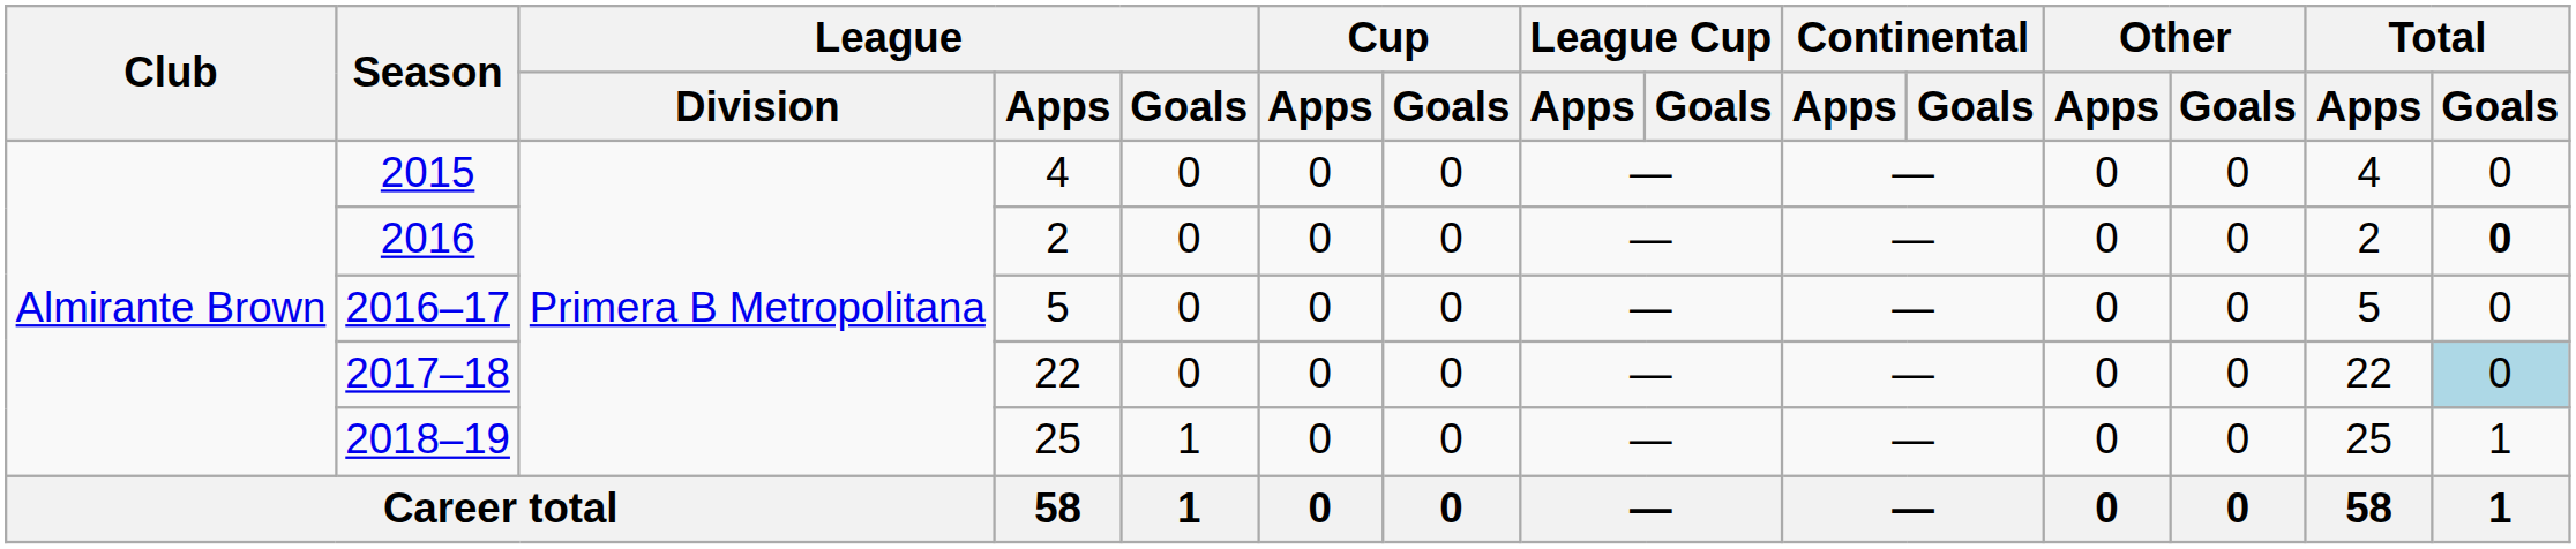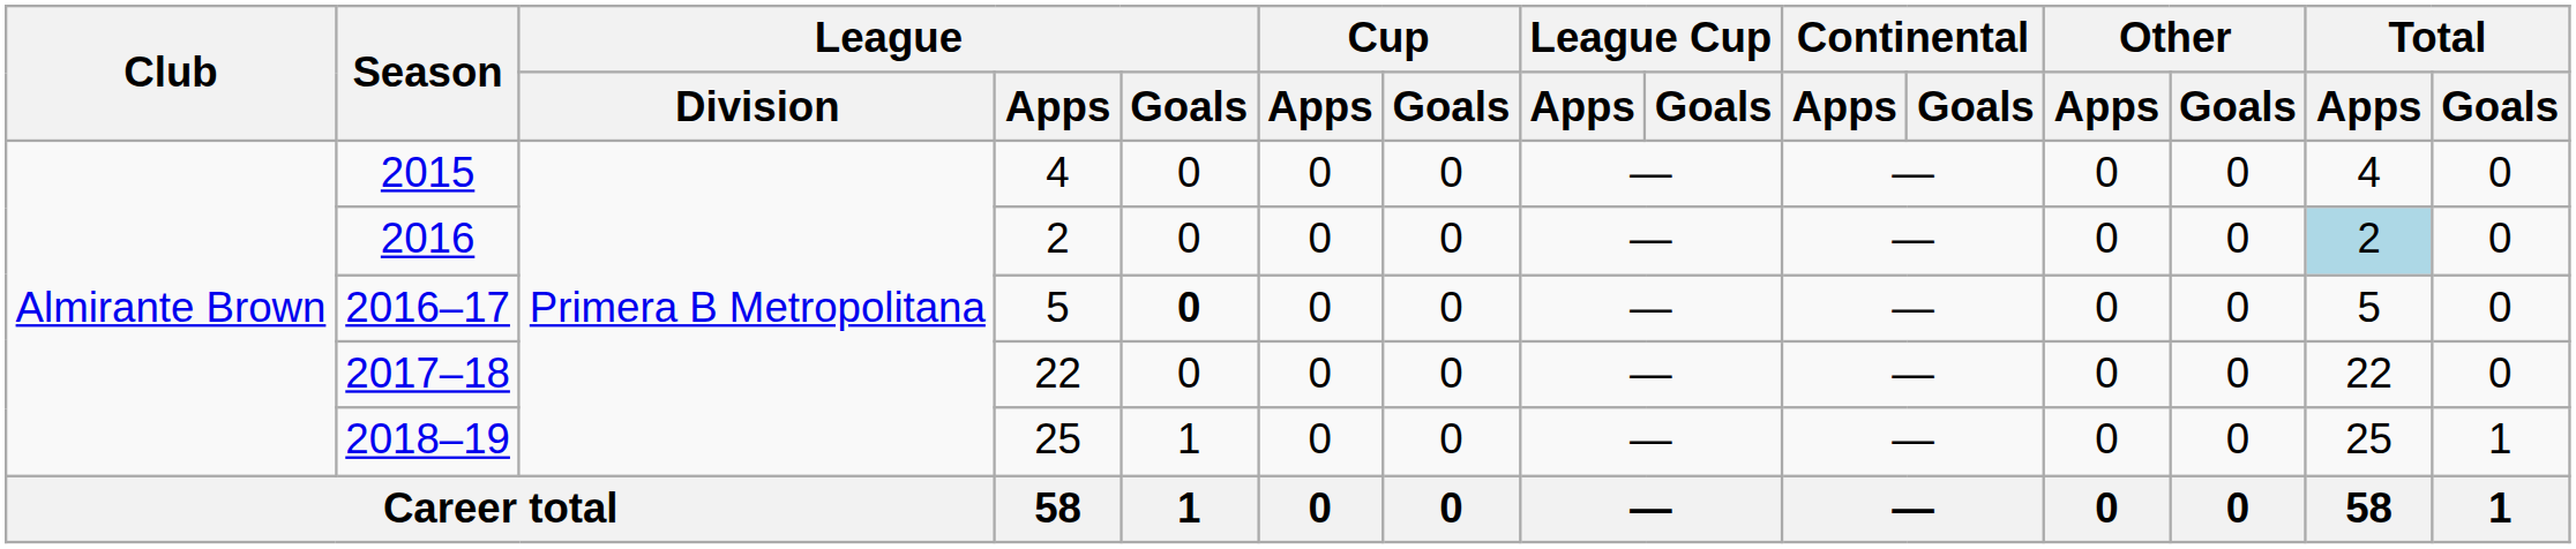 <table class="wikitable" style="text-align:center">
 <tr>
 <th rowspan="2">Club</th>
 <th rowspan="2">Season</th>
 <th colspan="3">League</th>
 <th colspan="2">Cup</th>
 <th colspan="2">League Cup</th>
 <th colspan="2">Continental</th>
 <th colspan="2">Other</th>
 <th colspan="2">Total</th>
 </tr>
 <tr>
 <th>Division</th>
 <th>Apps</th>
 <th>Goals</th>
 <th>Apps</th>
 <th>Goals</th>
 <th>Apps</th>
 <th>Goals</th>
 <th>Apps</th>
 <th>Goals</th>
 <th>Apps</th>
 <th>Goals</th>
 <th>Apps</th>
 <th>Goals</th>
 </tr>
 <tr>
 <td rowspan="5"><a href='#'>Almirante Brown</a></td>
 <td><a href='#'>2015</a></td>
 <td rowspan="5"><a href='#'>Primera B Metropolitana</a></td>
 <td>4</td>
 <td>0</td>
 <td>0</td>
 <td>0</td>
 <td colspan="2">—</td>
 <td colspan="2">—</td>
 <td>0</td>
 <td>0</td>
 <td>4</td>
 <td>0</td>
 </tr>
 <tr>
 <td><a href='#'>2016</a></td>
 <td>2</td>
 <td>0</td>
 <td>0</td>
 <td>0</td>
 <td colspan="2">—</td>
 <td colspan="2">—</td>
 <td>0</td>
 <td>0</td>
-<td>2</td>
-<td><strong>0</strong></td>
+<td style="background: lightblue;">2</td>
+<td>0</td>
 </tr>
 <tr>
 <td><a href='#'>2016–17</a></td>
 <td>5</td>
-<td>0</td>
+<td><strong>0</strong></td>
 <td>0</td>
 <td>0</td>
 <td colspan="2">—</td>
 <td colspan="2">—</td>
 <td>0</td>
 <td>0</td>
 <td>5</td>
 <td>0</td>
 </tr>
 <tr>
 <td><a href='#'>2017–18</a></td>
 <td>22</td>
 <td>0</td>
 <td>0</td>
 <td>0</td>
 <td colspan="2">—</td>
 <td colspan="2">—</td>
 <td>0</td>
 <td>0</td>
 <td>22</td>
-<td style="background: lightblue;">0</td>
+<td>0</td>
 </tr>
 <tr>
 <td><a href='#'>2018–19</a></td>
 <td>25</td>
 <td>1</td>
 <td>0</td>
 <td>0</td>
 <td colspan="2">—</td>
 <td colspan="2">—</td>
 <td>0</td>
 <td>0</td>
 <td>25</td>
 <td>1</td>
 </tr>
 <tr>
 <th colspan="3">Career total</th>
 <th>58</th>
 <th>1</th>
 <th>0</th>
 <th>0</th>
 <th colspan="2">—</th>
 <th colspan="2">—</th>
 <th>0</th>
 <th>0</th>
 <th>58</th>
 <th>1</th>
 </tr>
 </table>
